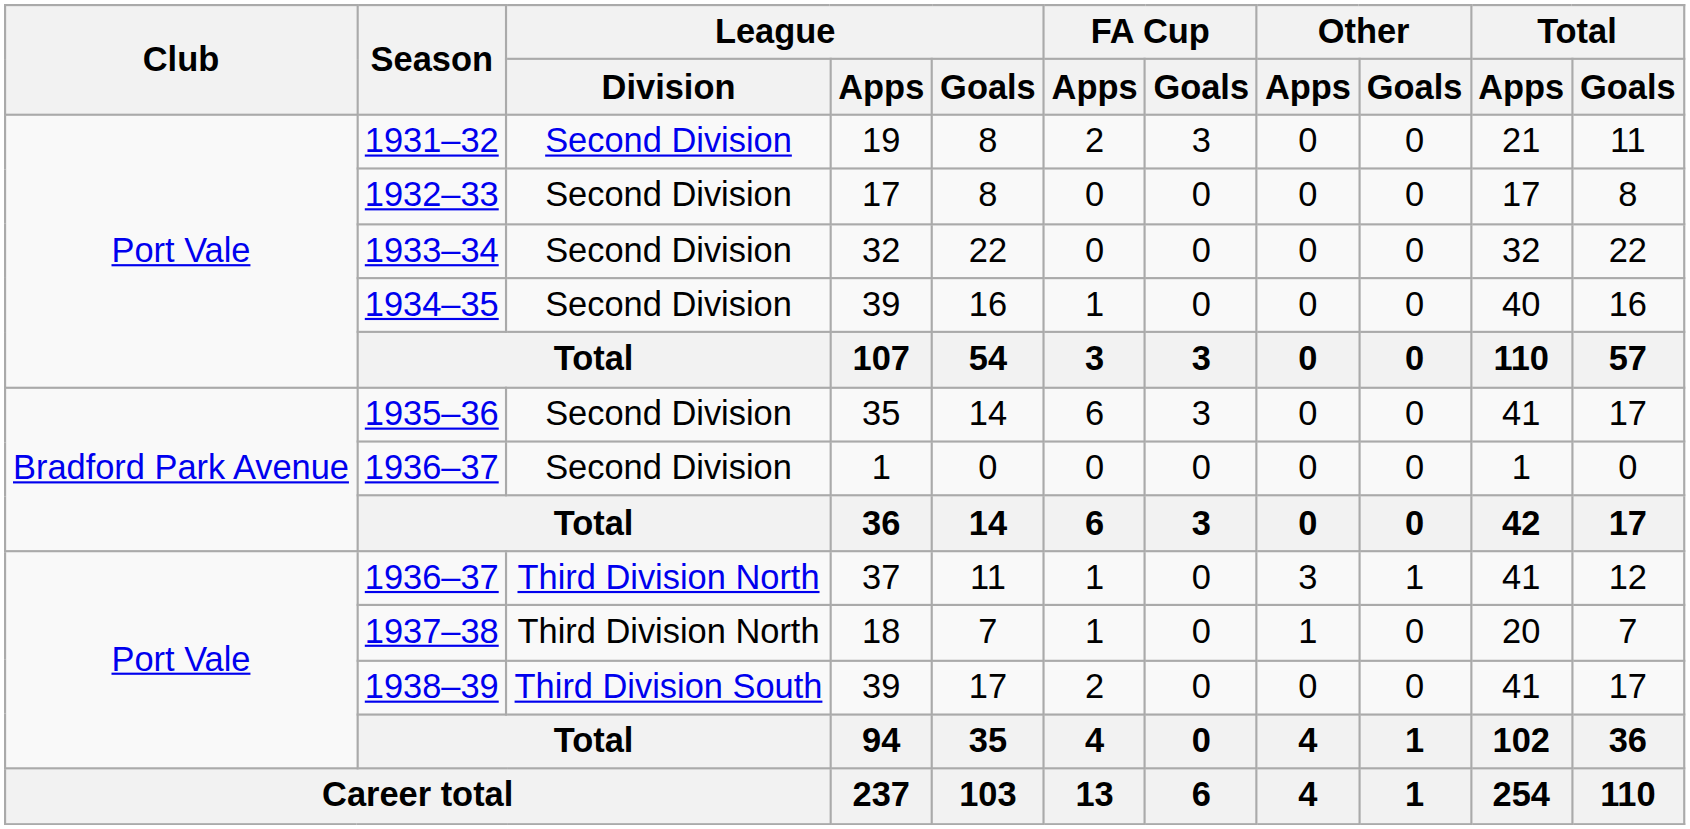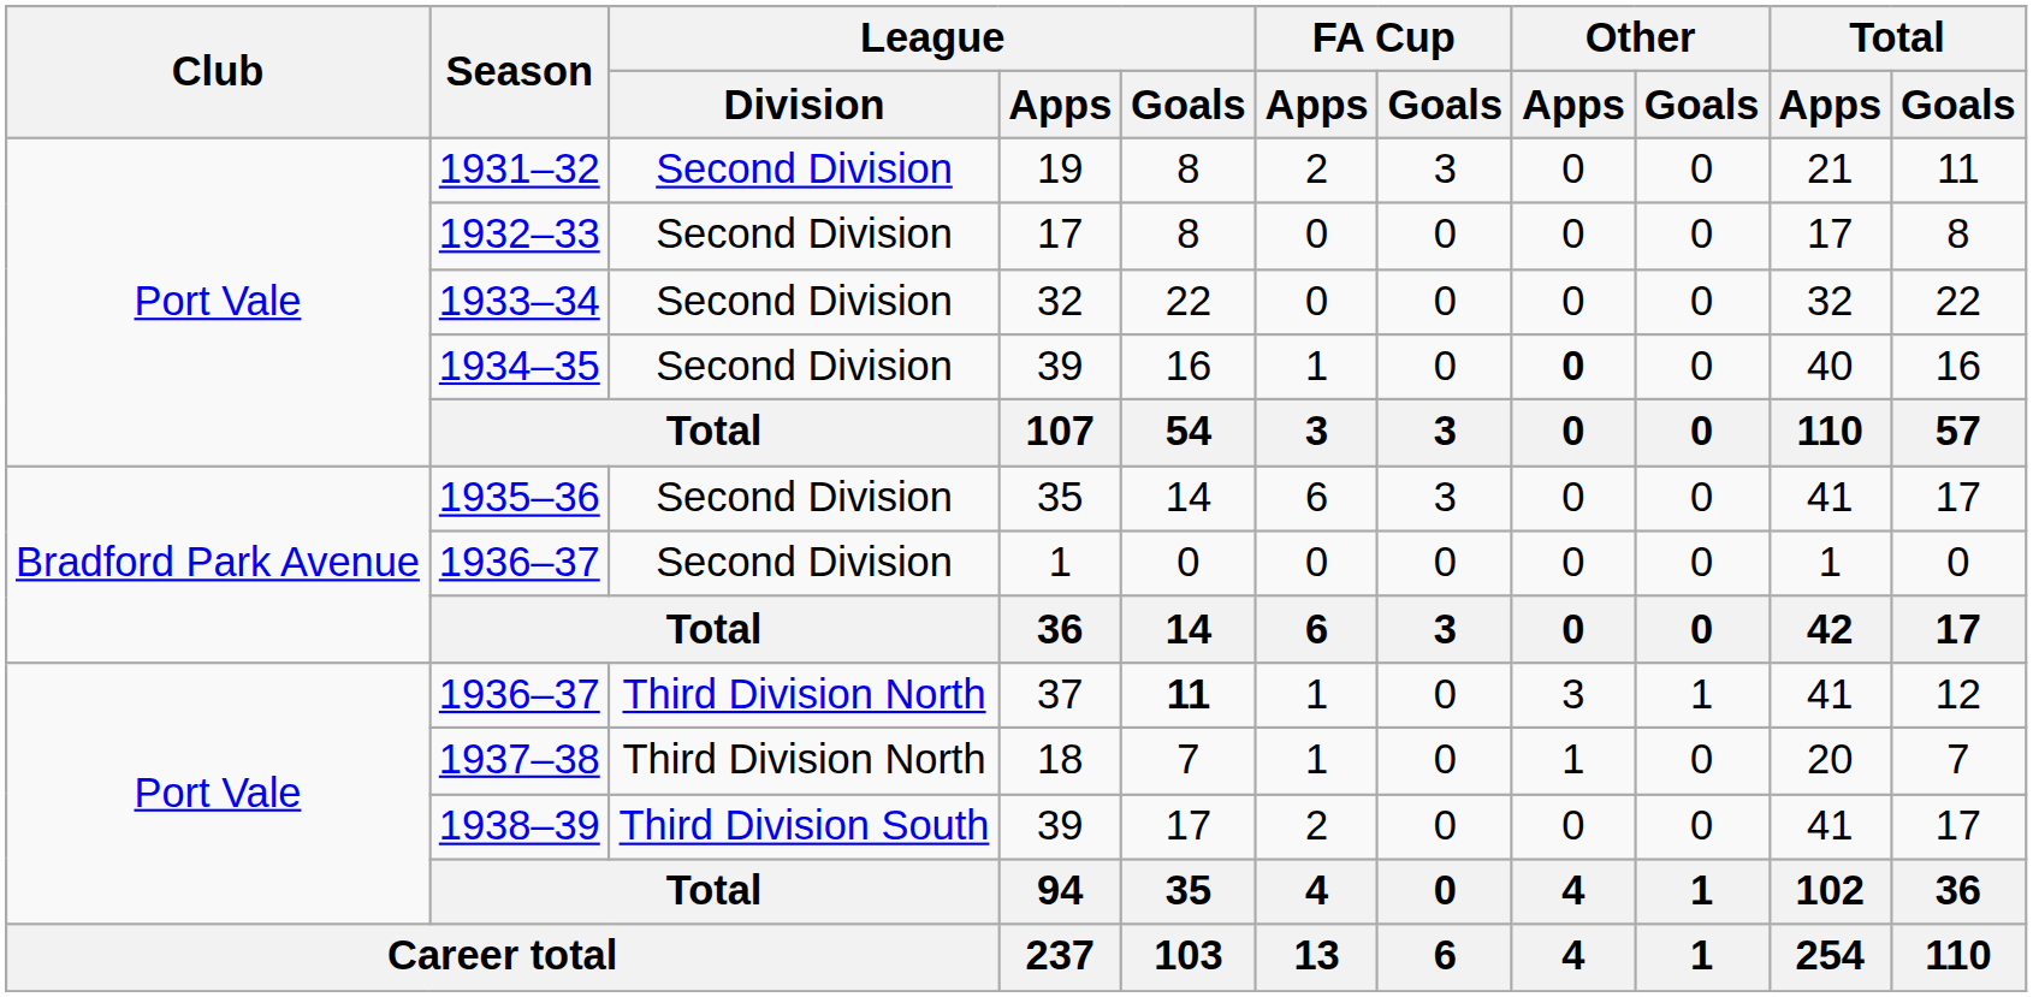 <table class="wikitable" style="text-align: center;">
 <tr>
 <th rowspan="2">Club</th>
 <th rowspan="2">Season</th>
 <th colspan="3">League</th>
 <th colspan="2">FA Cup</th>
 <th colspan="2">Other</th>
 <th colspan="2">Total</th>
 </tr>
 <tr>
 <th>Division</th>
 <th>Apps</th>
 <th>Goals</th>
 <th>Apps</th>
 <th>Goals</th>
 <th>Apps</th>
 <th>Goals</th>
 <th>Apps</th>
 <th>Goals</th>
 </tr>
 <tr>
 <td rowspan="5"><a href='#'>Port Vale</a></td>
 <td><a href='#'>1931–32</a></td>
 <td><a href='#'>Second Division</a></td>
 <td>19</td>
 <td>8</td>
 <td>2</td>
 <td>3</td>
 <td>0</td>
 <td>0</td>
 <td>21</td>
 <td>11</td>
 </tr>
 <tr>
 <td><a href='#'>1932–33</a></td>
 <td>Second Division</td>
 <td>17</td>
 <td>8</td>
 <td>0</td>
 <td>0</td>
 <td>0</td>
 <td>0</td>
 <td>17</td>
 <td>8</td>
 </tr>
 <tr>
 <td><a href='#'>1933–34</a></td>
 <td>Second Division</td>
 <td>32</td>
 <td>22</td>
 <td>0</td>
 <td>0</td>
 <td>0</td>
 <td>0</td>
 <td>32</td>
 <td>22</td>
 </tr>
 <tr>
 <td><a href='#'>1934–35</a></td>
 <td>Second Division</td>
 <td>39</td>
 <td>16</td>
 <td>1</td>
 <td>0</td>
-<td>0</td>
+<td><strong>0</strong></td>
 <td>0</td>
 <td>40</td>
 <td>16</td>
 </tr>
 <tr>
 <th colspan="2">Total</th>
 <th>107</th>
 <th>54</th>
 <th>3</th>
 <th>3</th>
 <th>0</th>
 <th>0</th>
 <th>110</th>
 <th>57</th>
 </tr>
 <tr>
 <td rowspan="3"><a href='#'>Bradford Park Avenue</a></td>
 <td><a href='#'>1935–36</a></td>
 <td>Second Division</td>
 <td>35</td>
 <td>14</td>
 <td>6</td>
 <td>3</td>
 <td>0</td>
 <td>0</td>
 <td>41</td>
 <td>17</td>
 </tr>
 <tr>
 <td><a href='#'>1936–37</a></td>
 <td>Second Division</td>
 <td>1</td>
 <td>0</td>
 <td>0</td>
 <td>0</td>
 <td>0</td>
 <td>0</td>
 <td>1</td>
 <td>0</td>
 </tr>
 <tr>
 <th colspan="2">Total</th>
 <th>36</th>
 <th>14</th>
 <th>6</th>
 <th>3</th>
 <th>0</th>
 <th>0</th>
 <th>42</th>
 <th>17</th>
 </tr>
 <tr>
 <td rowspan="4"><a href='#'>Port Vale</a></td>
 <td><a href='#'>1936–37</a></td>
 <td><a href='#'>Third Division North</a></td>
 <td>37</td>
-<td>11</td>
+<td><strong>11</strong></td>
 <td>1</td>
 <td>0</td>
 <td>3</td>
 <td>1</td>
 <td>41</td>
 <td>12</td>
 </tr>
 <tr>
 <td><a href='#'>1937–38</a></td>
 <td>Third Division North</td>
 <td>18</td>
 <td>7</td>
 <td>1</td>
 <td>0</td>
 <td>1</td>
 <td>0</td>
 <td>20</td>
 <td>7</td>
 </tr>
 <tr>
 <td><a href='#'>1938–39</a></td>
 <td><a href='#'>Third Division South</a></td>
 <td>39</td>
 <td>17</td>
 <td>2</td>
 <td>0</td>
 <td>0</td>
 <td>0</td>
 <td>41</td>
 <td>17</td>
 </tr>
 <tr>
 <th colspan="2">Total</th>
 <th>94</th>
 <th>35</th>
 <th>4</th>
 <th>0</th>
 <th>4</th>
 <th>1</th>
 <th>102</th>
 <th>36</th>
 </tr>
 <tr>
 <th colspan="3">Career total</th>
 <th>237</th>
 <th>103</th>
 <th>13</th>
 <th>6</th>
 <th>4</th>
 <th>1</th>
 <th>254</th>
 <th>110</th>
 </tr>
 </table>
